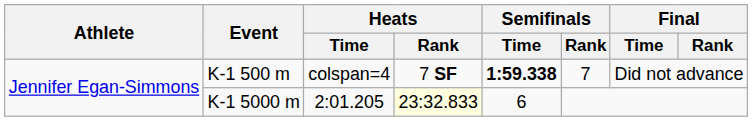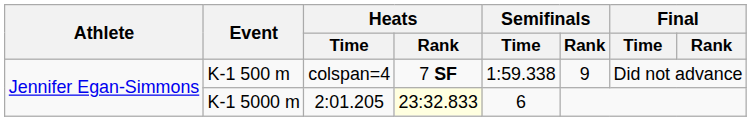 <table class=wikitable style="font-size:90%">
 <tr>
 <th rowspan="2">Athlete</th>
 <th rowspan="2">Event</th>
 <th colspan=2>Heats</th>
 <th colspan=2>Semifinals</th>
 <th colspan=2>Final</th>
 </tr>
 <tr style="font-size:95%">
 <th>Time</th>
 <th>Rank</th>
 <th>Time</th>
 <th>Rank</th>
 <th>Time</th>
 <th>Rank</th>
 </tr>
 <tr align=center>
 <td align=left rowspan=2><a href='#'>Jennifer Egan-Simmons</a></td>
 <td align=left>K-1 500 m</td>
 <td>colspan=4</td>
 <td>7 <strong>SF</strong></td>
-<td><strong>1:59.338</strong></td>
-<td>7</td>
+<td>1:59.338</td>
+<td>9</td>
 <td colspan=2>Did not advance</td>
 </tr>
 <tr align=center>
 <td align=left>K-1 5000 m</td>
 <td>2:01.205</td>
 <td style="background: lightyellow;">23:32.833</td>
 <td>6</td>
 </tr>
 </table>
